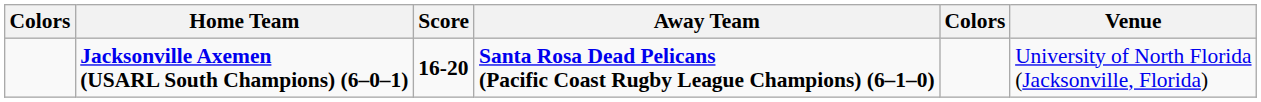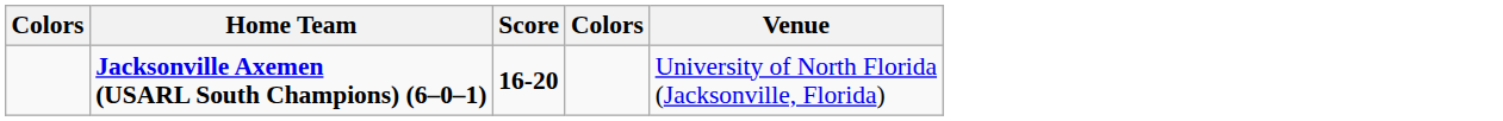 <table class="wikitable">
 <tr>
 <th>Colors</th>
 <th>Home Team</th>
 <th>Score</th>
-<th>Away Team</th>
 <th>Colors</th>
 <th>Venue</th>
 </tr>
 <tr>
 <td></td>
 <td><strong><a href='#'>Jacksonville Axemen</a></strong><br><strong>(USARL South Champions) (6–0–1)</strong></td>
 <td><strong>16-20</strong></td>
-<td><strong><a href='#'>Santa Rosa Dead Pelicans</a></strong><br><strong>(Pacific Coast Rugby League Champions)</strong>  <strong>(6–1–0)</strong></td>
 <td></td>
 <td><a href='#'>University of North Florida</a><br>(<a href='#'>Jacksonville, Florida</a>)</td>
 </tr>
 </table>
